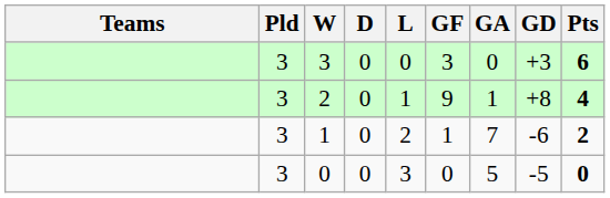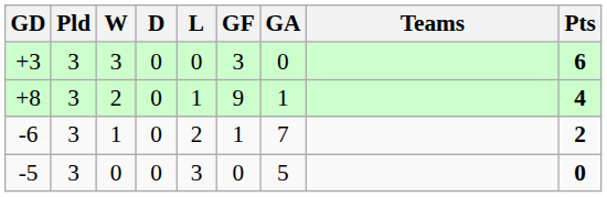 <table class="wikitable" style="text-align: center;">
 <tr>
-<th width=165>Teams</th>
+<th width=20>GD</th>
 <th width=20>Pld</th>
 <th width=20>W</th>
 <th width=20>D</th>
 <th width=20>L</th>
 <th width=20>GF</th>
 <th width=20>GA</th>
-<th width=20>GD</th>
+<th width=165>Teams</th>
 <th width=20>Pts</th>
 </tr>
 <tr align=center style="background:#ccffcc;">
-<td style="text-align:left;"></td>
+<td>+3</td>
 <td>3</td>
 <td>3</td>
 <td>0</td>
 <td>0</td>
 <td>3</td>
 <td>0</td>
-<td>+3</td>
+<td style="text-align:left;"></td>
 <td><strong>6</strong></td>
 </tr>
 <tr align=center style="background:#ccffcc;">
-<td style="text-align:left;"></td>
+<td>+8</td>
 <td>3</td>
 <td>2</td>
 <td>0</td>
 <td>1</td>
 <td>9</td>
 <td>1</td>
-<td>+8</td>
+<td style="text-align:left;"></td>
 <td><strong>4</strong></td>
 </tr>
 <tr align=center>
-<td style="text-align:left;"></td>
+<td>-6</td>
 <td>3</td>
 <td>1</td>
 <td>0</td>
 <td>2</td>
 <td>1</td>
 <td>7</td>
-<td>-6</td>
+<td style="text-align:left;"></td>
 <td><strong>2</strong></td>
 </tr>
 <tr align=center>
-<td style="text-align:left;"></td>
+<td>-5</td>
 <td>3</td>
 <td>0</td>
 <td>0</td>
 <td>3</td>
 <td>0</td>
 <td>5</td>
-<td>-5</td>
+<td style="text-align:left;"></td>
 <td><strong>0</strong></td>
 </tr>
 </table>
